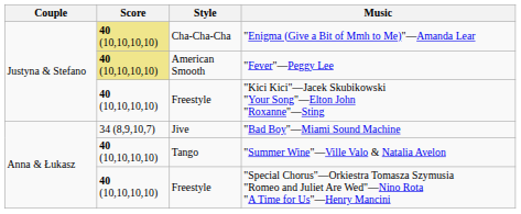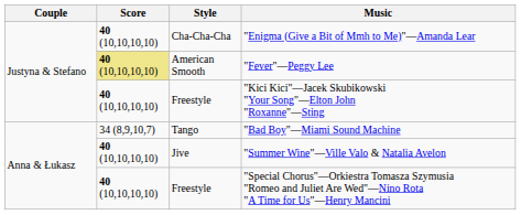 <table class="wikitable">
 <tr>
 <th width="130">Couple</th>
 <th width="100">Score</th>
 <th width="100">Style</th>
 <th width="400">Music</th>
 </tr>
 <tr>
 <td rowspan="3">Justyna & Stefano</td>
-<td style="background: khaki;"><strong>40</strong> (10,10,10,10)</td>
+<td><strong>40</strong> (10,10,10,10)</td>
 <td>Cha-Cha-Cha</td>
 <td>"<a href='#'>Enigma (Give a Bit of Mmh to Me)</a>"—<a href='#'>Amanda Lear</a></td>
 </tr>
 <tr>
 <td style="background: khaki;"><strong>40</strong> (10,10,10,10)</td>
 <td>American Smooth</td>
 <td>"<a href='#'>Fever</a>"—<a href='#'>Peggy Lee</a></td>
 </tr>
 <tr>
 <td><strong>40</strong> (10,10,10,10)</td>
 <td>Freestyle</td>
 <td>"Kici Kici"—Jacek Skubikowski <br> "<a href='#'>Your Song</a>"—<a href='#'>Elton John</a> <br> "<a href='#'>Roxanne</a>"—<a href='#'>Sting</a></td>
 </tr>
 <tr>
 <td rowspan="3">Anna & Łukasz</td>
 <td>34 (8,9,10,7)</td>
-<td>Jive</td>
+<td>Tango</td>
 <td>"<a href='#'>Bad Boy</a>"—<a href='#'>Miami Sound Machine</a></td>
 </tr>
 <tr>
 <td><strong>40</strong> (10,10,10,10)</td>
-<td>Tango</td>
+<td>Jive</td>
 <td>"<a href='#'>Summer Wine</a>"—<a href='#'>Ville Valo</a> & <a href='#'>Natalia Avelon</a></td>
 </tr>
 <tr>
 <td><strong>40</strong> (10,10,10,10)</td>
 <td>Freestyle</td>
 <td>"Special Chorus"—Orkiestra Tomasza Szymusia <br> "Romeo and Juliet Are Wed"—<a href='#'>Nino Rota</a> <br> "<a href='#'>A Time for Us</a>"—<a href='#'>Henry Mancini</a></td>
 </tr>
 </table>
